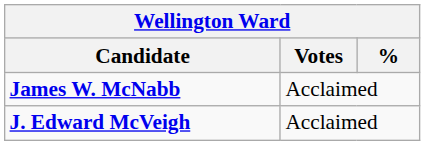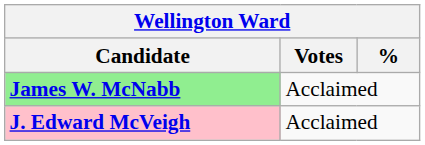 <table class="wikitable">
 <tr>
 <th colspan="3"><a href='#'>Wellington Ward</a></th>
 </tr>
 <tr>
 <th style="width: 200px">Candidate</th>
 <th style="width: 50px">Votes</th>
 <th style="width: 40px">%</th>
 </tr>
 <tr>
-<td><strong><a href='#'>James W. McNabb</a></strong></td>
+<td style="background: lightgreen;"><strong><a href='#'>James W. McNabb</a></strong></td>
 <td colspan="2">Acclaimed</td>
 </tr>
 <tr>
-<td><strong><a href='#'>J. Edward McVeigh</a></strong></td>
+<td style="background: pink;"><strong><a href='#'>J. Edward McVeigh</a></strong></td>
 <td colspan="2">Acclaimed</td>
 </tr>
 </table>
